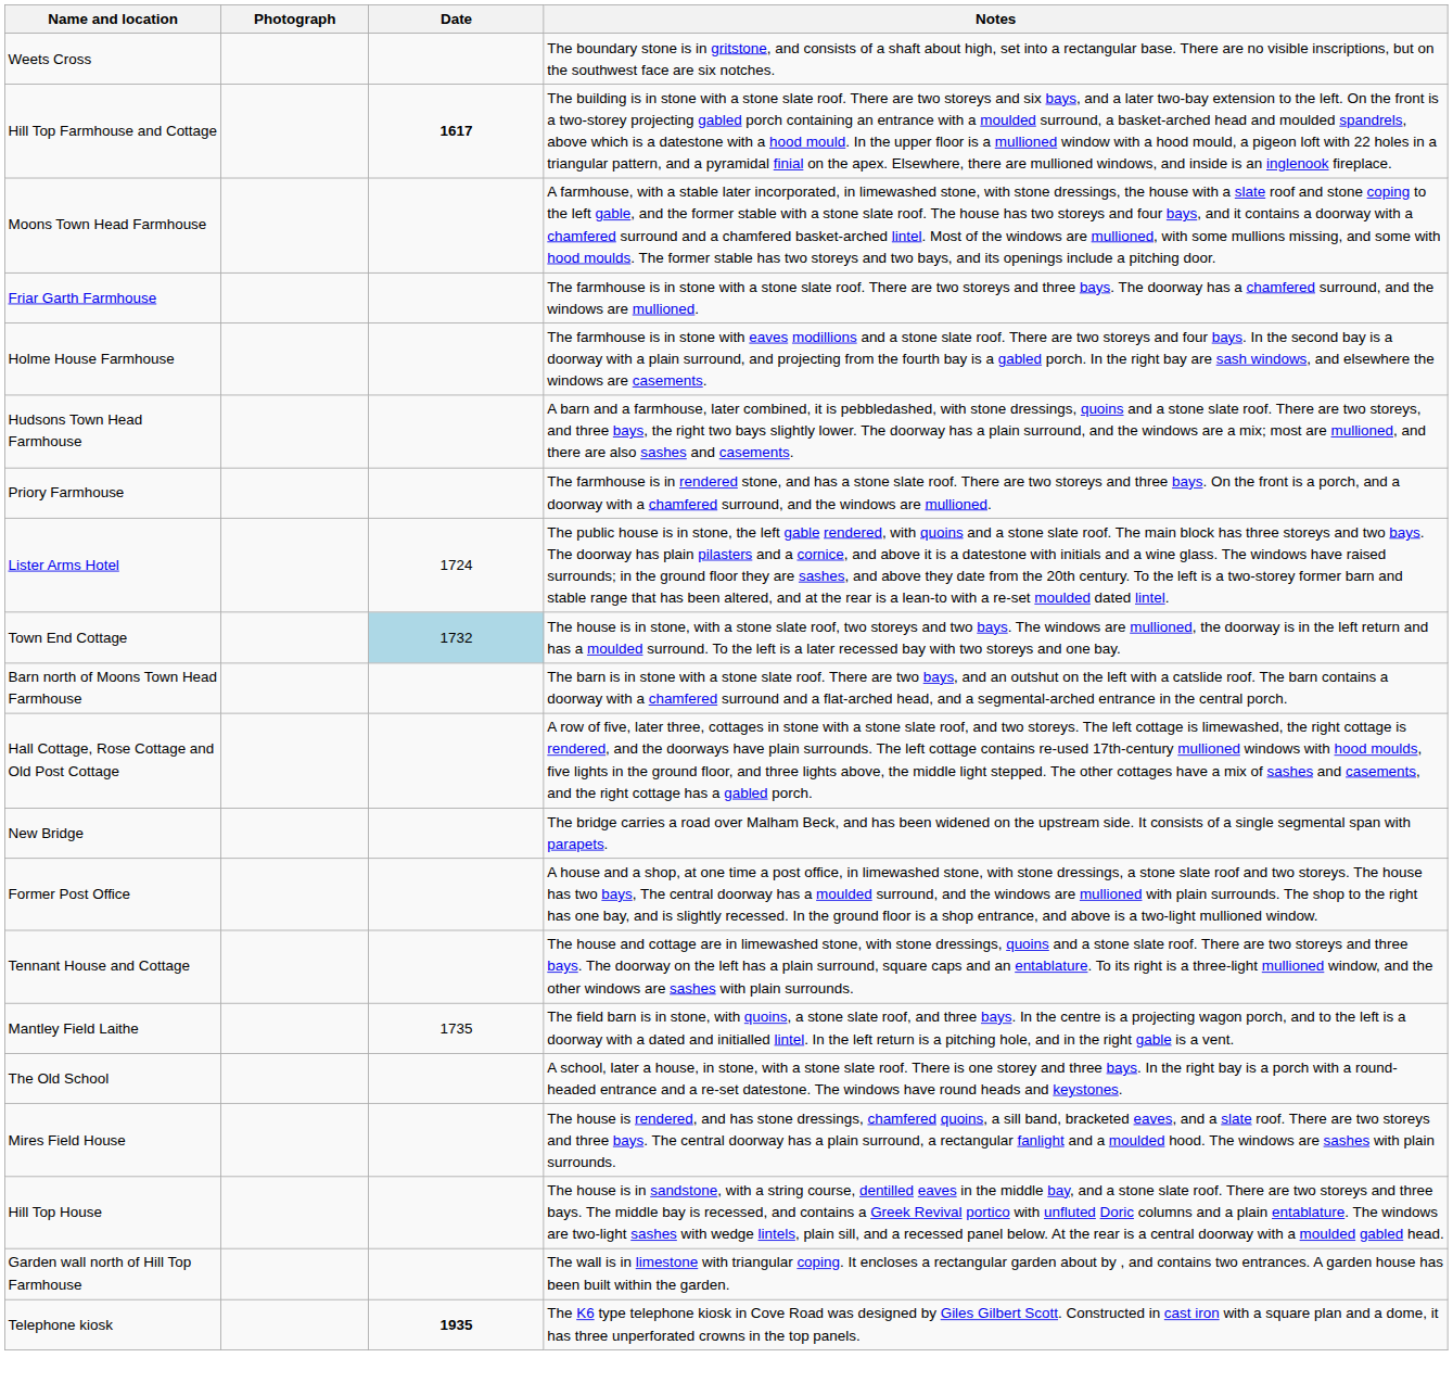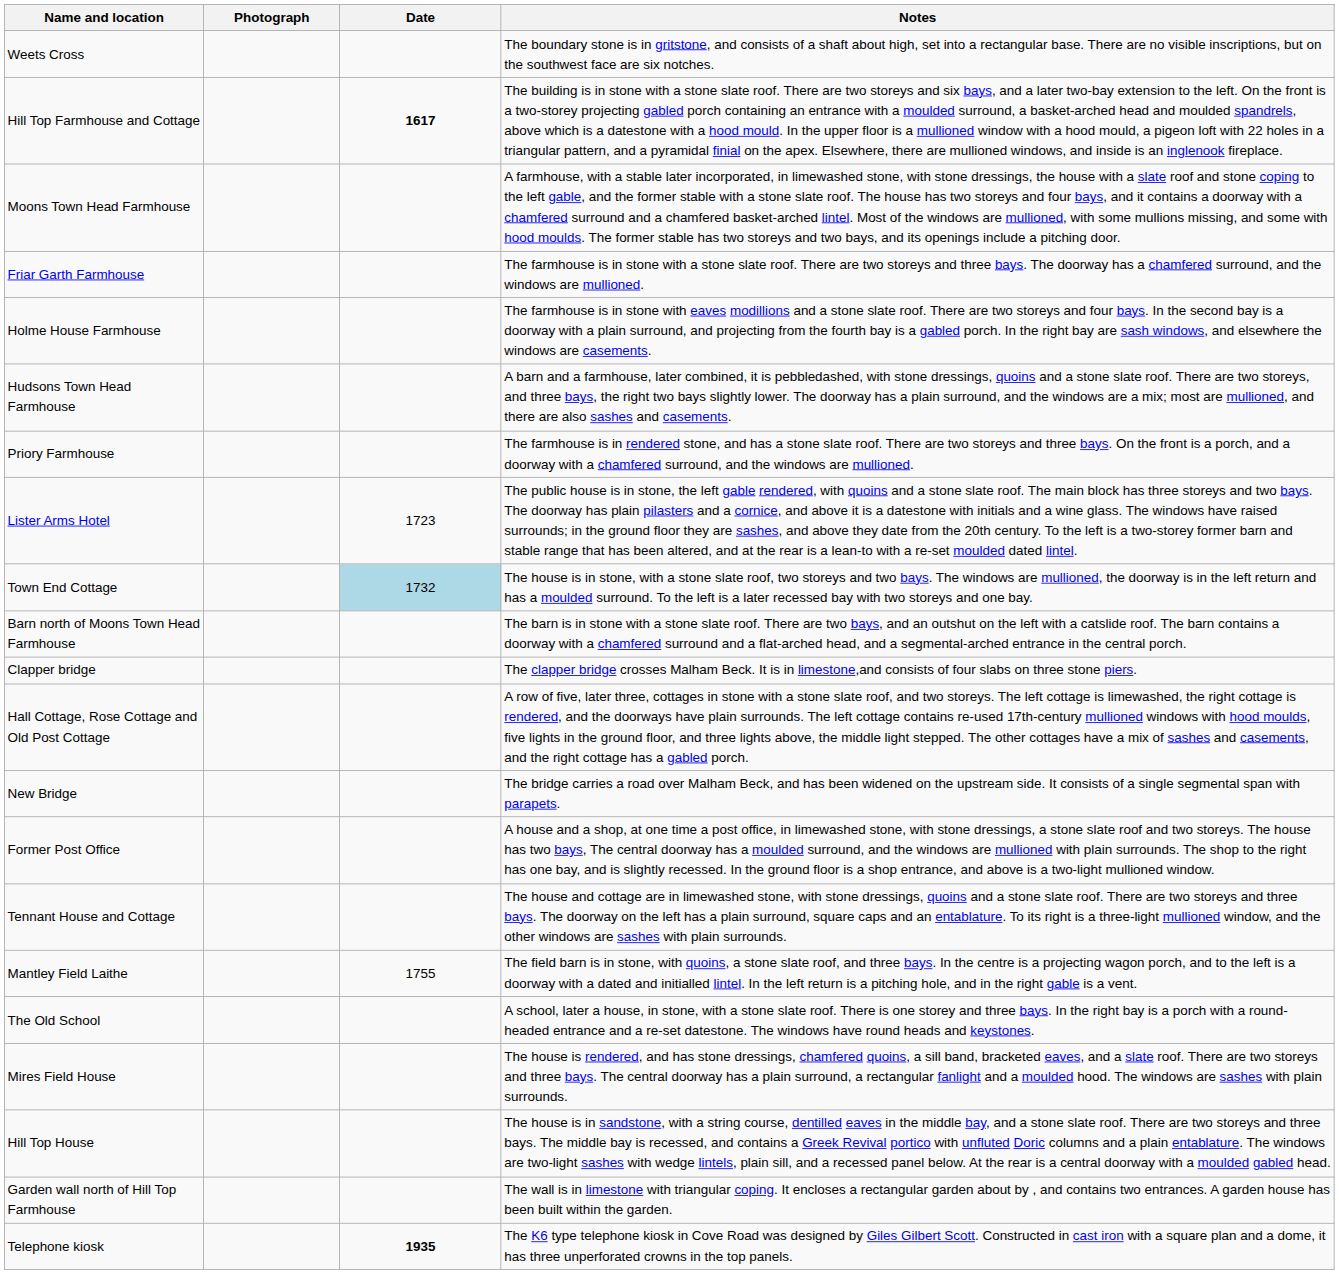 <table class="wikitable sortable plainrowheaders" style="width:100%;border:0px;text-align:left;line-height:150%;">
 <tr>
 <th scope="col"  style="width:150px">Name and location</th>
 <th scope="col"  style="width:100px" class="unsortable">Photograph</th>
 <th scope="col"  style="width:120px">Date</th>
 <th scope="col"  style="width:650px" class="unsortable">Notes</th>
 </tr>
 <tr>
 <td>Weets Cross<br><small></small></td>
 <td></td>
 <td align="center"></td>
 <td>The boundary stone is in <a href='#'>gritstone</a>, and consists of a shaft about  high, set into a rectangular base. There are no visible inscriptions, but on the southwest face are six notches.</td>
 </tr>
 <tr>
 <td>Hill Top Farmhouse and Cottage<br><small></small></td>
 <td></td>
 <td align="center"><strong>1617</strong></td>
 <td>The building is in stone with a stone slate roof. There are two storeys and six <a href='#'>bays</a>, and a later two-bay extension to the left. On the front is a two-storey projecting <a href='#'>gabled</a> porch containing an entrance with a <a href='#'>moulded</a> surround, a basket-arched head and moulded <a href='#'>spandrels</a>, above which is a datestone with a <a href='#'>hood mould</a>. In the upper floor is a <a href='#'>mullioned</a> window with a hood mould, a pigeon loft with 22 holes in a triangular pattern, and a pyramidal <a href='#'>finial</a> on the apex. Elsewhere, there are mullioned windows, and inside is an <a href='#'>inglenook</a> fireplace.</td>
 </tr>
 <tr>
 <td>Moons Town Head Farmhouse<br><small></small></td>
 <td></td>
 <td align="center"></td>
 <td>A farmhouse,  with a stable later incorporated, in limewashed stone, with stone dressings, the house with a <a href='#'>slate</a> roof and stone <a href='#'>coping</a> to the left <a href='#'>gable</a>, and the former stable with a stone slate roof. The house has two storeys and four <a href='#'>bays</a>, and it contains a doorway with a <a href='#'>chamfered</a> surround and a chamfered basket-arched <a href='#'>lintel</a>. Most of the windows are <a href='#'>mullioned</a>, with some mullions missing, and some with <a href='#'>hood moulds</a>. The former stable has two storeys and two bays, and its openings include a pitching door.</td>
 </tr>
 <tr>
 <td><a href='#'>Friar Garth Farmhouse</a><br><small></small></td>
 <td></td>
 <td align="center"></td>
 <td>The farmhouse is in stone with a stone slate roof. There are two storeys and three <a href='#'>bays</a>. The doorway has a <a href='#'>chamfered</a> surround, and the windows are <a href='#'>mullioned</a>.</td>
 </tr>
 <tr>
 <td>Holme House Farmhouse<br><small></small></td>
 <td></td>
 <td align="center"></td>
 <td>The farmhouse is in stone with <a href='#'>eaves</a> <a href='#'>modillions</a> and a stone slate roof. There are two storeys and four <a href='#'>bays</a>. In the second bay is a doorway with a plain surround, and projecting from the fourth bay is a <a href='#'>gabled</a> porch. In the right bay are <a href='#'>sash windows</a>, and elsewhere the windows are <a href='#'>casements</a>.</td>
 </tr>
 <tr>
 <td>Hudsons Town Head Farmhouse<br><small></small></td>
 <td></td>
 <td align="center"></td>
 <td>A barn and a farmhouse, later combined, it is pebbledashed, with stone dressings, <a href='#'>quoins</a> and a stone slate roof. There are two storeys, and three <a href='#'>bays</a>, the right two bays slightly lower. The doorway has a plain surround, and the windows are a mix; most are <a href='#'>mullioned</a>, and there are also <a href='#'>sashes</a> and <a href='#'>casements</a>.</td>
 </tr>
 <tr>
 <td>Priory Farmhouse<br><small></small></td>
 <td></td>
 <td align="center"></td>
 <td>The farmhouse is in <a href='#'>rendered</a> stone, and has a stone slate roof. There are two storeys and three <a href='#'>bays</a>. On the front is a porch, and a doorway with a <a href='#'>chamfered</a> surround, and the windows are <a href='#'>mullioned</a>.</td>
 </tr>
 <tr>
 <td><a href='#'>Lister Arms Hotel</a><br><small></small></td>
 <td></td>
-<td align="center">1724</td>
+<td align="center">1723</td>
 <td>The public house is in stone, the left <a href='#'>gable</a> <a href='#'>rendered</a>, with <a href='#'>quoins</a> and a stone slate roof. The main block has three storeys and two <a href='#'>bays</a>. The doorway has plain <a href='#'>pilasters</a> and a <a href='#'>cornice</a>, and above it is a datestone with initials and a wine glass. The windows have raised surrounds; in the ground floor they are <a href='#'>sashes</a>, and above they date from the 20th century. To the left is a two-storey former barn and stable range that has been altered, and at the rear is a lean-to with a re-set <a href='#'>moulded</a> dated <a href='#'>lintel</a>.</td>
 </tr>
 <tr>
 <td>Town End Cottage<br><small></small></td>
 <td></td>
 <td align="center" style="background: lightblue;">1732</td>
 <td>The house is in stone, with a stone slate roof, two storeys and two <a href='#'>bays</a>. The windows are <a href='#'>mullioned</a>, the doorway is in the left return and has a <a href='#'>moulded</a> surround. To the left is a later recessed bay with two storeys and one bay.</td>
 </tr>
 <tr>
 <td>Barn north of Moons Town Head Farmhouse<br><small></small></td>
 <td></td>
 <td align="center"></td>
 <td>The barn is in stone with a stone slate roof. There are two <a href='#'>bays</a>, and an outshut on the left with a catslide roof. The barn contains a doorway with a <a href='#'>chamfered</a> surround and a flat-arched head, and a segmental-arched entrance in the central porch.</td>
+</tr>
+<tr>
+<td>Clapper bridge<br><small></small></td>
+<td></td>
+<td align="center"></td>
+<td>The <a href='#'>clapper bridge</a> crosses Malham Beck. It is in <a href='#'>limestone</a>,and consists of four slabs on three stone <a href='#'>piers</a>.</td>
 </tr>
 <tr>
 <td>Hall Cottage, Rose Cottage and Old Post Cottage<br><small></small></td>
 <td></td>
 <td align="center"></td>
 <td>A row of five, later three, cottages in stone with a stone slate roof, and two storeys. The left cottage is limewashed, the right cottage is <a href='#'>rendered</a>, and the doorways have plain surrounds. The left cottage contains re-used 17th-century <a href='#'>mullioned</a> windows with <a href='#'>hood moulds</a>, five lights in the ground floor, and three lights above, the middle light stepped. The other cottages have a mix of <a href='#'>sashes</a> and <a href='#'>casements</a>, and the right cottage has a <a href='#'>gabled</a> porch.</td>
 </tr>
 <tr>
 <td>New Bridge<br><small></small></td>
 <td></td>
 <td align="center"></td>
 <td>The bridge carries a road over Malham Beck, and has been widened on the upstream side. It consists of a single segmental span with <a href='#'>parapets</a>.</td>
 </tr>
 <tr>
 <td>Former Post Office<br><small></small></td>
 <td></td>
 <td align="center"></td>
 <td>A house and a shop, at one time a post office, in limewashed stone, with stone dressings, a stone slate roof and two storeys. The house has two <a href='#'>bays</a>, The central doorway has a <a href='#'>moulded</a> surround, and the windows are <a href='#'>mullioned</a> with plain surrounds. The shop to the right has one bay, and is slightly recessed. In the ground floor is a shop entrance, and above is a two-light mullioned window.</td>
 </tr>
 <tr>
 <td>Tennant House and Cottage<br><small></small></td>
 <td></td>
 <td align="center"></td>
 <td>The house and cottage are in limewashed stone, with stone dressings, <a href='#'>quoins</a> and a stone slate roof. There are two storeys and three <a href='#'>bays</a>. The doorway on the left has a plain surround, square caps and an <a href='#'>entablature</a>. To its right is a three-light <a href='#'>mullioned</a> window, and the other windows are <a href='#'>sashes</a> with plain surrounds.</td>
 </tr>
 <tr>
 <td>Mantley Field Laithe<br><small></small></td>
 <td></td>
-<td align="center">1735</td>
+<td align="center">1755</td>
 <td>The field barn is in stone, with <a href='#'>quoins</a>, a stone slate roof, and three <a href='#'>bays</a>. In the centre is a projecting wagon porch, and to the left is a doorway with a dated and initialled <a href='#'>lintel</a>. In the left return is a pitching hole, and in the right <a href='#'>gable</a> is a vent.</td>
 </tr>
 <tr>
 <td>The Old School<br><small></small></td>
 <td></td>
 <td align="center"></td>
 <td>A school, later a house, in stone, with a stone slate roof. There is one storey and three <a href='#'>bays</a>. In the right bay is a porch with a round-headed entrance and a re-set datestone. The windows have round heads and <a href='#'>keystones</a>.</td>
 </tr>
 <tr>
 <td>Mires Field House<br><small></small></td>
 <td></td>
 <td align="center"></td>
 <td>The house is <a href='#'>rendered</a>, and has stone dressings, <a href='#'>chamfered</a> <a href='#'>quoins</a>, a sill band, bracketed <a href='#'>eaves</a>, and a <a href='#'>slate</a> roof. There are two storeys and three <a href='#'>bays</a>. The central doorway has a plain surround, a rectangular <a href='#'>fanlight</a> and a <a href='#'>moulded</a> hood. The windows are <a href='#'>sashes</a> with plain surrounds.</td>
 </tr>
 <tr>
 <td>Hill Top House<br><small></small></td>
 <td></td>
 <td align="center"></td>
 <td>The house is in <a href='#'>sandstone</a>, with a string course, <a href='#'>dentilled</a> <a href='#'>eaves</a> in the middle <a href='#'>bay</a>, and a stone slate roof. There are two storeys and three bays. The middle bay is recessed, and contains a <a href='#'>Greek Revival</a> <a href='#'>portico</a> with <a href='#'>unfluted</a> <a href='#'>Doric</a> columns and a plain <a href='#'>entablature</a>. The windows are two-light <a href='#'>sashes</a> with wedge <a href='#'>lintels</a>, plain sill, and a recessed panel below. At the rear is a central doorway with a <a href='#'>moulded</a> <a href='#'>gabled</a> head.</td>
 </tr>
 <tr>
 <td>Garden wall north of Hill Top Farmhouse<br><small></small></td>
 <td></td>
 <td align="center"></td>
 <td>The wall is in <a href='#'>limestone</a> with triangular <a href='#'>coping</a>. It encloses a rectangular garden about  by , and contains two entrances. A garden house has been built within the garden.</td>
 </tr>
 <tr>
 <td>Telephone kiosk<br><small></small></td>
 <td></td>
 <td align="center"><strong>1935</strong></td>
 <td>The <a href='#'>K6</a> type telephone kiosk in Cove Road was designed by <a href='#'>Giles Gilbert Scott</a>.  Constructed in <a href='#'>cast iron</a> with a square plan and a dome, it has three unperforated crowns in the top panels.</td>
 </tr>
 <tr>
 </tr>
 </table>
